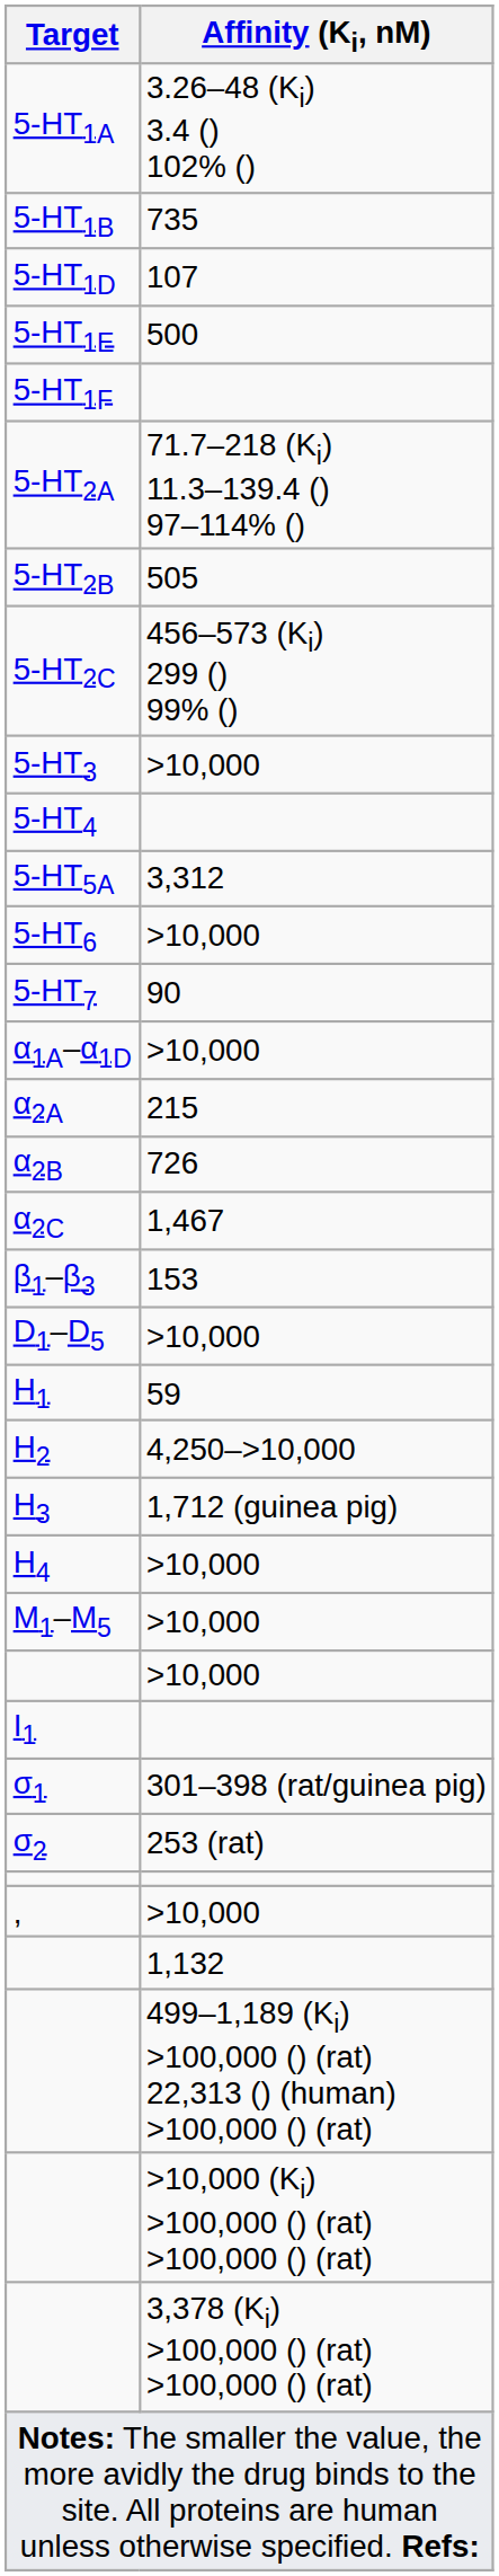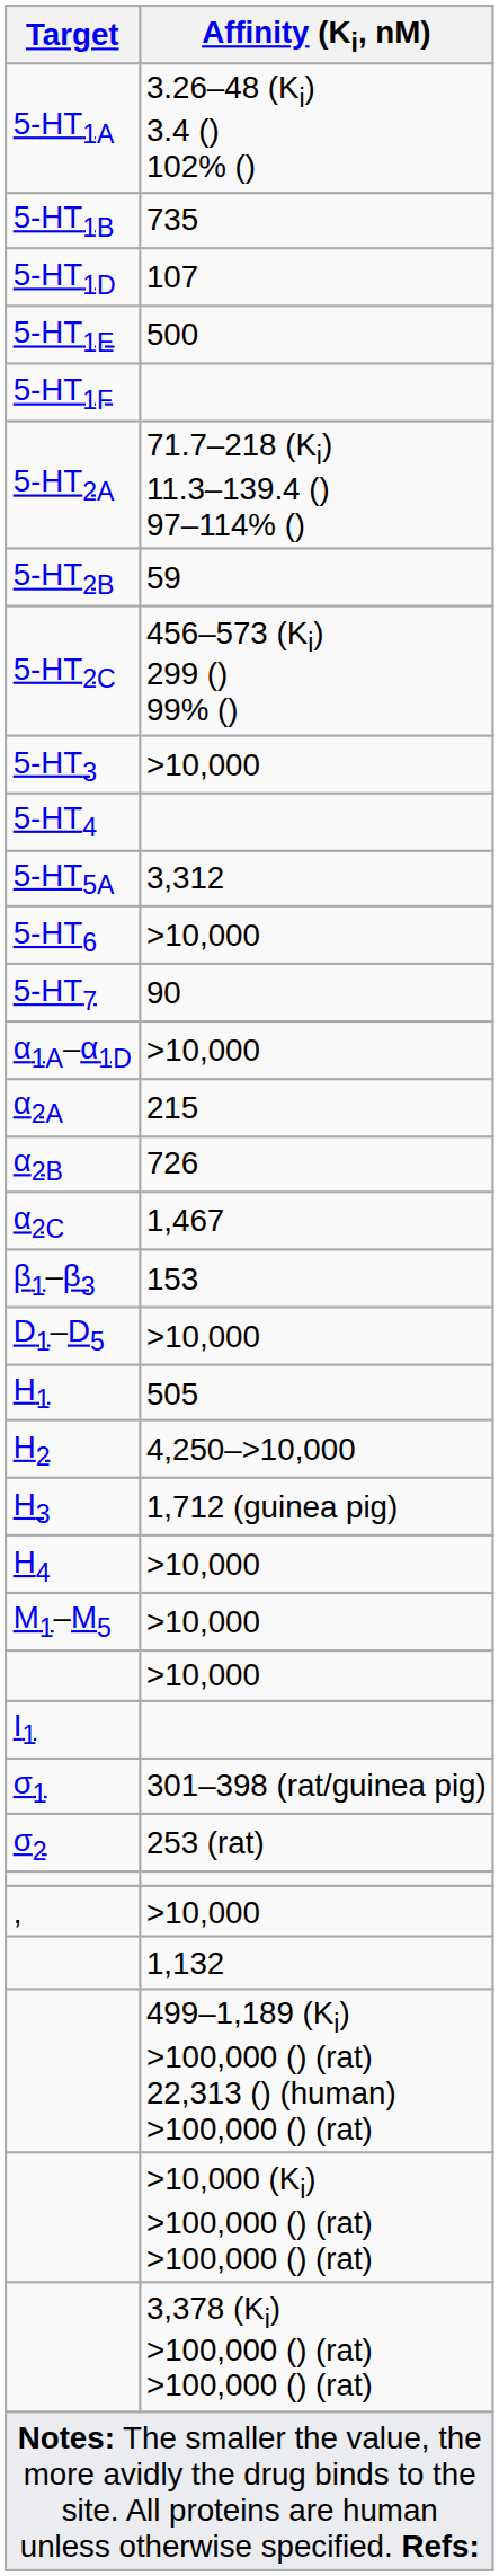 <table class="wikitable floatleft" style="font-size:small;">
 <tr>
 <th><a href='#'>Target</a></th>
 <th><a href='#'>Affinity</a> (K<sub>i</sub>, nM)</th>
 </tr>
 <tr>
 <td><a href='#'>5-HT<sub>1A</sub></a></td>
 <td>3.26–48 (K<sub>i</sub>)<br>3.4 ()<br>102% ()</td>
 </tr>
 <tr>
 <td><a href='#'>5-HT<sub>1B</sub></a></td>
 <td>735</td>
 </tr>
 <tr>
 <td><a href='#'>5-HT<sub>1D</sub></a></td>
 <td>107</td>
 </tr>
 <tr>
 <td><a href='#'>5-HT<sub>1E</sub></a></td>
 <td>500</td>
 </tr>
 <tr>
 <td><a href='#'>5-HT<sub>1F</sub></a></td>
 <td></td>
 </tr>
 <tr>
 <td><a href='#'>5-HT<sub>2A</sub></a></td>
 <td>71.7–218 (K<sub>i</sub>)<br>11.3–139.4 ()<br>97–114% ()</td>
 </tr>
 <tr>
 <td><a href='#'>5-HT<sub>2B</sub></a></td>
-<td>505</td>
+<td>59</td>
 </tr>
 <tr>
 <td><a href='#'>5-HT<sub>2C</sub></a></td>
 <td>456–573 (K<sub>i</sub>)<br>299 ()<br>99% ()</td>
 </tr>
 <tr>
 <td><a href='#'>5-HT<sub>3</sub></a></td>
 <td>>10,000</td>
 </tr>
 <tr>
 <td><a href='#'>5-HT<sub>4</sub></a></td>
 <td></td>
 </tr>
 <tr>
 <td><a href='#'>5-HT<sub>5A</sub></a></td>
 <td>3,312</td>
 </tr>
 <tr>
 <td><a href='#'>5-HT<sub>6</sub></a></td>
 <td>>10,000</td>
 </tr>
 <tr>
 <td><a href='#'>5-HT<sub>7</sub></a></td>
 <td>90</td>
 </tr>
 <tr>
 <td><a href='#'>α<sub>1A</sub></a>–<a href='#'>α<sub>1D</sub></a></td>
 <td>>10,000</td>
 </tr>
 <tr>
 <td><a href='#'>α<sub>2A</sub></a></td>
 <td>215</td>
 </tr>
 <tr>
 <td><a href='#'>α<sub>2B</sub></a></td>
 <td>726</td>
 </tr>
 <tr>
 <td><a href='#'>α<sub>2C</sub></a></td>
 <td>1,467</td>
 </tr>
 <tr>
 <td><a href='#'>β<sub>1</sub></a>–<a href='#'>β<sub>3</sub></a></td>
 <td>153</td>
 </tr>
 <tr>
 <td><a href='#'>D<sub>1</sub></a>–<a href='#'>D<sub>5</sub></a></td>
 <td>>10,000</td>
 </tr>
 <tr>
 <td><a href='#'>H<sub>1</sub></a></td>
-<td>59</td>
+<td>505</td>
 </tr>
 <tr>
 <td><a href='#'>H<sub>2</sub></a></td>
 <td>4,250–>10,000</td>
 </tr>
 <tr>
 <td><a href='#'>H<sub>3</sub></a></td>
 <td>1,712 (guinea pig)</td>
 </tr>
 <tr>
 <td><a href='#'>H<sub>4</sub></a></td>
 <td>>10,000</td>
 </tr>
 <tr>
 <td><a href='#'>M<sub>1</sub></a>–<a href='#'>M<sub>5</sub></a></td>
 <td>>10,000</td>
 </tr>
 <tr>
 <td></td>
 <td>>10,000</td>
 </tr>
 <tr>
 <td><a href='#'>I<sub>1</sub></a></td>
 <td></td>
 </tr>
 <tr>
 <td><a href='#'>σ<sub>1</sub></a></td>
 <td>301–398 (rat/guinea pig)</td>
 </tr>
 <tr>
 <td><a href='#'>σ<sub>2</sub></a></td>
 <td>253 (rat)</td>
 </tr>
 <tr>
 <td></td>
 <td></td>
 </tr>
 <tr>
 <td>, </td>
 <td>>10,000</td>
 </tr>
 <tr>
 <td></td>
 <td>1,132</td>
 </tr>
 <tr>
 <td></td>
 <td>499–1,189 (K<sub>i</sub>)<br>>100,000 () (rat)<br>22,313 () (human)<br>>100,000 () (rat)</td>
 </tr>
 <tr>
 <td></td>
 <td>>10,000 (K<sub>i</sub>)<br>>100,000 () (rat)<br>>100,000 () (rat)</td>
 </tr>
 <tr>
 <td></td>
 <td>3,378 (K<sub>i</sub>)<br>>100,000 () (rat)<br>>100,000 () (rat)</td>
 </tr>
 <tr class="sortbottom">
 <td colspan="2" style="width: 1px; background-color:#eaecf0; text-align: center;"><strong>Notes:</strong> The smaller the value, the more avidly the drug binds to the site. All proteins are human unless otherwise specified. <strong>Refs:</strong> </td>
 </tr>
 </table>
